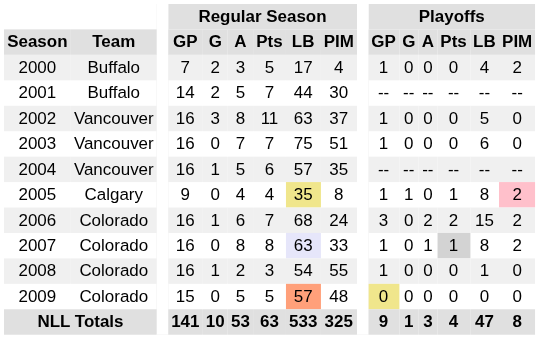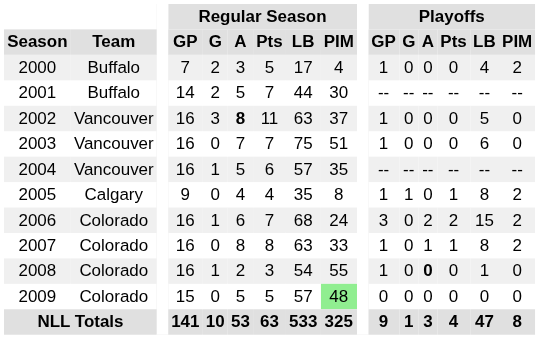 <table BORDER="0" CELLPADDING="3" CELLSPACING="0">
 <tr ALIGN="center" bgcolor="#e0e0e0">
 <th colspan="2" bgcolor="#ffffff"> </th>
 <th rowspan="99" bgcolor="#ffffff"> </th>
 <th colspan="6">Regular Season</th>
 <th rowspan="99" bgcolor="#ffffff"> </th>
 <th colspan="6">Playoffs</th>
 </tr>
 <tr ALIGN="center" bgcolor="#e0e0e0">
 <th>Season</th>
 <th>Team</th>
 <th>GP</th>
 <th>G</th>
 <th>A</th>
 <th>Pts</th>
 <th>LB</th>
 <th>PIM</th>
 <th>GP</th>
 <th>G</th>
 <th>A</th>
 <th>Pts</th>
 <th>LB</th>
 <th>PIM</th>
 </tr>
 <tr ALIGN="center" bgcolor="#f0f0f0">
 <td>2000</td>
 <td>Buffalo</td>
 <td>7</td>
 <td>2</td>
 <td>3</td>
 <td>5</td>
 <td>17</td>
 <td>4</td>
 <td>1</td>
 <td>0</td>
 <td>0</td>
 <td>0</td>
 <td>4</td>
 <td>2</td>
 </tr>
 <tr ALIGN="center">
 <td>2001</td>
 <td>Buffalo</td>
 <td>14</td>
 <td>2</td>
 <td>5</td>
 <td>7</td>
 <td>44</td>
 <td>30</td>
 <td>--</td>
 <td>--</td>
 <td>--</td>
 <td>--</td>
 <td>--</td>
 <td>--</td>
 </tr>
 <tr ALIGN="center" bgcolor="#f0f0f0">
 <td>2002</td>
 <td>Vancouver</td>
 <td>16</td>
 <td>3</td>
-<td>8</td>
+<td><strong>8</strong></td>
 <td>11</td>
 <td>63</td>
 <td>37</td>
 <td>1</td>
 <td>0</td>
 <td>0</td>
 <td>0</td>
 <td>5</td>
 <td>0</td>
 </tr>
 <tr ALIGN="center">
 <td>2003</td>
 <td>Vancouver</td>
 <td>16</td>
 <td>0</td>
 <td>7</td>
 <td>7</td>
 <td>75</td>
 <td>51</td>
 <td>1</td>
 <td>0</td>
 <td>0</td>
 <td>0</td>
 <td>6</td>
 <td>0</td>
 </tr>
 <tr ALIGN="center" bgcolor="#f0f0f0">
 <td>2004</td>
 <td>Vancouver</td>
 <td>16</td>
 <td>1</td>
 <td>5</td>
 <td>6</td>
 <td>57</td>
 <td>35</td>
 <td>--</td>
 <td>--</td>
 <td>--</td>
 <td>--</td>
 <td>--</td>
 <td>--</td>
 </tr>
 <tr ALIGN="center">
 <td>2005</td>
 <td>Calgary</td>
 <td>9</td>
 <td>0</td>
 <td>4</td>
 <td>4</td>
-<td style="background: khaki;">35</td>
+<td>35</td>
 <td>8</td>
 <td>1</td>
 <td>1</td>
 <td>0</td>
 <td>1</td>
 <td>8</td>
-<td style="background: pink;">2</td>
+<td>2</td>
 </tr>
 <tr ALIGN="center" bgcolor="#f0f0f0">
 <td>2006</td>
 <td>Colorado</td>
 <td>16</td>
 <td>1</td>
 <td>6</td>
 <td>7</td>
 <td>68</td>
 <td>24</td>
 <td>3</td>
 <td>0</td>
 <td>2</td>
 <td>2</td>
 <td>15</td>
 <td>2</td>
 </tr>
 <tr ALIGN="center">
 <td>2007</td>
 <td>Colorado</td>
 <td>16</td>
 <td>0</td>
 <td>8</td>
 <td>8</td>
-<td style="background: lavender;">63</td>
+<td>63</td>
 <td>33</td>
 <td>1</td>
 <td>0</td>
 <td>1</td>
-<td style="background: lightgrey;">1</td>
+<td>1</td>
 <td>8</td>
 <td>2</td>
 </tr>
 <tr ALIGN="center" bgcolor="#f0f0f0">
 <td>2008</td>
 <td>Colorado</td>
 <td>16</td>
 <td>1</td>
 <td>2</td>
 <td>3</td>
 <td>54</td>
 <td>55</td>
 <td>1</td>
 <td>0</td>
-<td>0</td>
+<td><strong>0</strong></td>
 <td>0</td>
 <td>1</td>
 <td>0</td>
 </tr>
 <tr ALIGN="center">
 <td>2009</td>
 <td>Colorado</td>
 <td>15</td>
 <td>0</td>
 <td>5</td>
 <td>5</td>
-<td style="background: lightsalmon;">57</td>
-<td>48</td>
-<td style="background: khaki;">0</td>
+<td>57</td>
+<td style="background: lightgreen;">48</td>
+<td>0</td>
 <td>0</td>
 <td>0</td>
 <td>0</td>
 <td>0</td>
 <td>0</td>
 </tr>
 <tr ALIGN="center" bgcolor="#e0e0e0">
 <th colspan="2">NLL Totals</th>
 <th>141</th>
 <th>10</th>
 <th>53</th>
 <th>63</th>
 <th>533</th>
 <th>325</th>
 <th>9</th>
 <th>1</th>
 <th>3</th>
 <th>4</th>
 <th>47</th>
 <th>8</th>
 </tr>
 </table>
